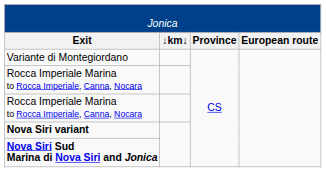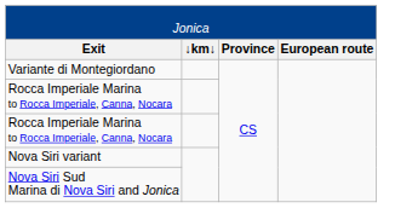 <table class="wikitable">
 <tr align="center" bgcolor="00408B" style="color: white;font-size:100%;">
 <td colspan="5"><br><em>Jonica</em><br></td>
 </tr>
 <tr>
 <th>Exit</th>
 <th>↓km↓</th>
 <th>Province</th>
 <th>European route</th>
 </tr>
 <tr>
 <td>   Variante di Montegiordano</td>
 <td align="right"></td>
 <td rowspan="6" align="center"><a href='#'>CS</a></td>
 <td rowspan="5" align="center"></td>
 </tr>
 <tr>
 <td> Rocca Imperiale Marina<br> <small>to <a href='#'>Rocca Imperiale</a>, <a href='#'>Canna</a>, <a href='#'>Nocara</a></small></td>
 <td align="right"></td>
 </tr>
 <tr>
 <td> Rocca Imperiale Marina<br> <small>to <a href='#'>Rocca Imperiale</a>, <a href='#'>Canna</a>, <a href='#'>Nocara</a></small></td>
 <td align="right"></td>
 </tr>
 <tr>
-<td><strong>   Nova Siri variant</strong></td>
+<td>   Nova Siri variant</td>
 <td rowspan="2" align="right"></td>
 </tr>
 <tr>
-<td><strong> <a href='#'>Nova Siri</a> Sud<br> Marina di <a href='#'>Nova Siri</a> and   <em>Jonica</em></strong></td>
+<td> <a href='#'>Nova Siri</a> Sud<br> Marina di <a href='#'>Nova Siri</a> and   <em>Jonica</em></td>
 </tr>
 </table>
